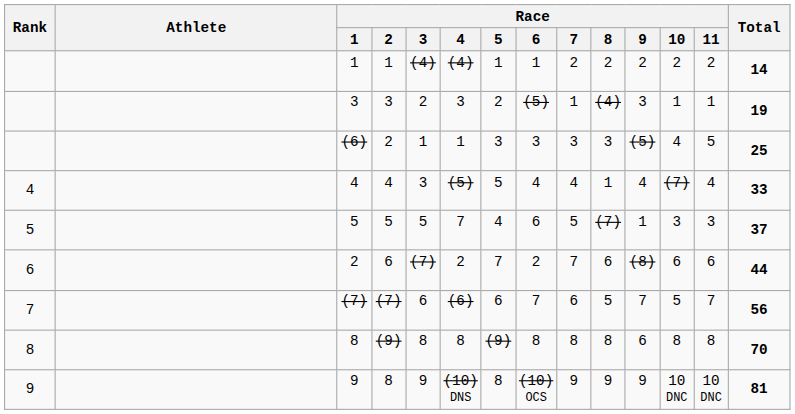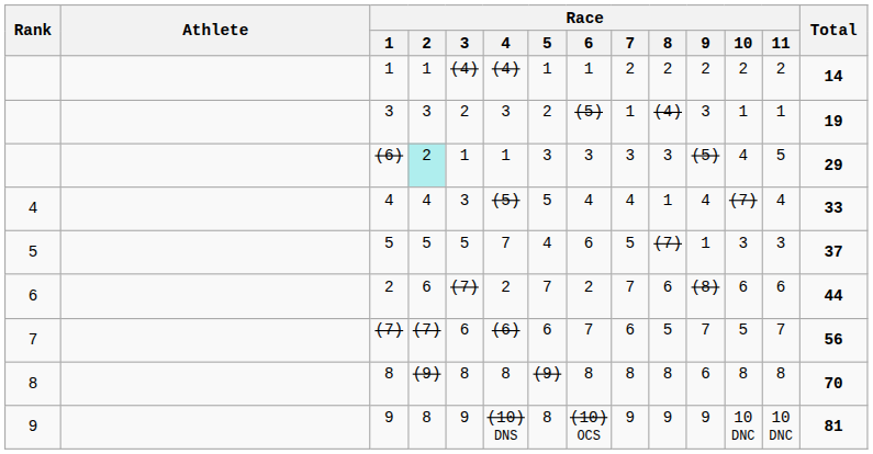 <table | class="wikitable" style="text-align:center">
 <tr>
 <th rowspan="2" width=40>Rank</th>
 <th rowspan="2" width=250>Athlete</th>
 <th colspan="11">Race</th>
 <th rowspan="2" width=50>Total</th>
 </tr>
 <tr>
 <th width=25>1</th>
 <th width=25>2</th>
 <th width=25>3</th>
 <th width=25>4</th>
 <th width=25>5</th>
 <th width=25>6</th>
 <th width=25>7</th>
 <th width=25>8</th>
 <th width=25>9</th>
 <th width=25>10</th>
 <th width=25>11</th>
 </tr>
 <tr>
 <td></td>
 <td align=left></td>
 <td>1<br> </td>
 <td>1<br> </td>
 <td><s>(4)</s><br> </td>
 <td><s>(4)</s><br> </td>
 <td>1<br> </td>
 <td>1<br> </td>
 <td>2<br> </td>
 <td>2<br> </td>
 <td>2<br> </td>
 <td>2<br> </td>
 <td>2<br> </td>
 <td><strong>14</strong></td>
 </tr>
 <tr>
 <td></td>
 <td align=left></td>
 <td>3<br> </td>
 <td>3<br> </td>
 <td>2<br> </td>
 <td>3<br> </td>
 <td>2<br> </td>
 <td><s>(5)</s><br> </td>
 <td>1<br> </td>
 <td><s>(4)</s><br> </td>
 <td>3<br> </td>
 <td>1<br> </td>
 <td>1<br> </td>
 <td><strong>19</strong></td>
 </tr>
 <tr>
 <td></td>
 <td align=left></td>
 <td><s>(6)</s><br> </td>
-<td>2<br> </td>
+<td style="background: paleturquoise;">2<br> </td>
 <td>1<br> </td>
 <td>1<br> </td>
 <td>3<br> </td>
 <td>3<br> </td>
 <td>3<br> </td>
 <td>3<br> </td>
 <td><s>(5)</s><br> </td>
 <td>4<br> </td>
 <td>5<br> </td>
-<td><strong>25</strong></td>
+<td><strong>29</strong></td>
 </tr>
 <tr>
 <td>4</td>
 <td align=left></td>
 <td>4<br> </td>
 <td>4<br> </td>
 <td>3<br> </td>
 <td><s>(5)</s><br> </td>
 <td>5<br> </td>
 <td>4<br> </td>
 <td>4<br> </td>
 <td>1<br> </td>
 <td>4<br> </td>
 <td><s>(7)</s><br> </td>
 <td>4<br> </td>
 <td><strong>33</strong></td>
 </tr>
 <tr>
 <td>5</td>
 <td align=left></td>
 <td>5<br> </td>
 <td>5<br> </td>
 <td>5<br> </td>
 <td>7<br> </td>
 <td>4<br> </td>
 <td>6<br> </td>
 <td>5<br> </td>
 <td><s>(7)</s><br> </td>
 <td>1<br> </td>
 <td>3<br> </td>
 <td>3<br> </td>
 <td><strong>37</strong></td>
 </tr>
 <tr>
 <td>6</td>
 <td align=left></td>
 <td>2<br> </td>
 <td>6<br> </td>
 <td><s>(7)</s><br> </td>
 <td>2<br> </td>
 <td>7<br> </td>
 <td>2<br> </td>
 <td>7<br> </td>
 <td>6<br> </td>
 <td><s>(8)</s><br> </td>
 <td>6<br> </td>
 <td>6<br> </td>
 <td><strong>44</strong></td>
 </tr>
 <tr>
 <td>7</td>
 <td align=left></td>
 <td><s>(7)</s><br> </td>
 <td><s>(7)</s><br> </td>
 <td>6<br> </td>
 <td><s>(6)</s><br> </td>
 <td>6<br> </td>
 <td>7<br> </td>
 <td>6<br> </td>
 <td>5<br> </td>
 <td>7<br> </td>
 <td>5<br> </td>
 <td>7<br> </td>
 <td><strong>56</strong></td>
 </tr>
 <tr>
 <td>8</td>
 <td align=left></td>
 <td>8<br> </td>
 <td><s>(9)</s><br> </td>
 <td>8<br> </td>
 <td>8<br> </td>
 <td><s>(9)</s><br> </td>
 <td>8<br> </td>
 <td>8<br> </td>
 <td>8<br> </td>
 <td>6<br> </td>
 <td>8<br> </td>
 <td>8<br> </td>
 <td><strong>70</strong></td>
 </tr>
 <tr>
 <td>9</td>
 <td align=left></td>
 <td>9<br> </td>
 <td>8<br> </td>
 <td>9<br> </td>
 <td><s>(10)</s><br><small>DNS</small></td>
 <td>8<br> </td>
 <td><s>(10)</s><br><small>OCS</small></td>
 <td>9<br> </td>
 <td>9<br> </td>
 <td>9<br> </td>
 <td>10<br><small>DNC</small></td>
 <td>10<br><small>DNC</small></td>
 <td><strong>81</strong></td>
 </tr>
 </table>
